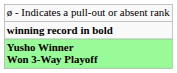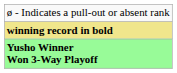 <table class="wikitable">
 <tr>
 <td>ø - Indicates a pull-out or absent rank</td>
 </tr>
 <tr>
-<td><strong>winning record in bold</strong></td>
+<td style="background: khaki;"><strong>winning record in bold</strong></td>
 </tr>
 <tr>
 <td style="background: PaleGreen;"><strong>Yusho Winner</strong><br><strong>Won 3-Way Playoff</strong></td>
 </tr>
 </table>
